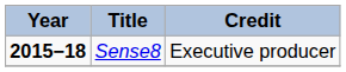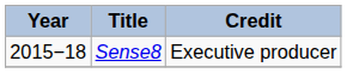 <table class="wikitable" style="font-size: 95%;" cellpadding="4" border="2" background: #f9f9f9;>
 <tr align="center">
 <th style="background:#B0C4DE;">Year</th>
 <th style="background:#B0C4DE;">Title</th>
 <th style="background:#B0C4DE;">Credit</th>
 </tr>
 <tr>
-<td><strong>2015−18</strong></td>
+<td>2015−18</td>
 <td><em><a href='#'>Sense8</a></em></td>
 <td>Executive producer</td>
 </tr>
 <tr>
 </tr>
 </table>
